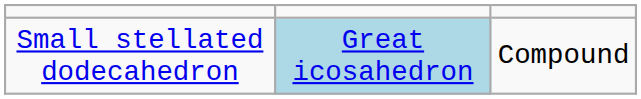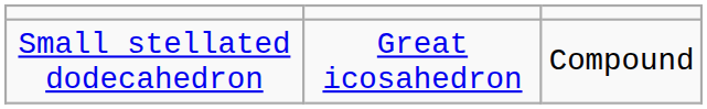 <table class=wikitable width=300>
 <tr>
 <td></td>
 <td></td>
 <td></td>
 </tr>
 <tr align=center>
 <td><a href='#'>Small stellated dodecahedron</a></td>
-<td style="background: lightblue;"><a href='#'>Great icosahedron</a></td>
+<td><a href='#'>Great icosahedron</a></td>
 <td>Compound</td>
 </tr>
 </table>
